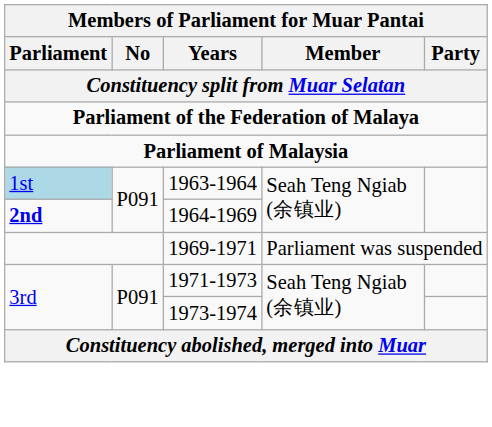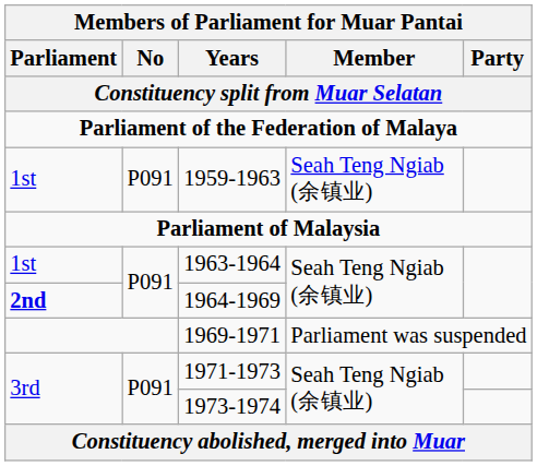 <table class=wikitable>
 <tr>
 <th colspan="5">Members of Parliament for Muar Pantai</th>
 </tr>
 <tr>
 <th>Parliament</th>
 <th>No</th>
 <th>Years</th>
 <th>Member</th>
 <th>Party</th>
 </tr>
 <tr>
 <th colspan="5" align="center"><em>Constituency split from <a href='#'>Muar Selatan</a></em></th>
 </tr>
 <tr>
 <td colspan="5" align="center"><strong>Parliament of the Federation of Malaya</strong></td>
 </tr>
 <tr>
+<td><a href='#'>1st</a></td>
+<td>P091</td>
+<td>1959-1963</td>
+<td><a href='#'>Seah Teng Ngiab</a>  <br>(余镇业)</td>
+<td></td>
+</tr>
+<tr>
 <td colspan="5" align="center"><strong>Parliament of Malaysia</strong></td>
 </tr>
 <tr>
-<td style="background: lightblue;"><a href='#'>1st</a></td>
+<td><a href='#'>1st</a></td>
 <td rowspan="2">P091</td>
 <td>1963-1964</td>
 <td rowspan=2>Seah Teng Ngiab  <br>(余镇业)</td>
 <td rowspan="2"></td>
 </tr>
 <tr>
 <td><strong><a href='#'>2nd</a></strong></td>
 <td>1964-1969</td>
 </tr>
 <tr>
 <td colspan="2"></td>
 <td>1969-1971</td>
 <td colspan=2 align=center>Parliament was suspended</td>
 </tr>
 <tr>
 <td rowspan=2><a href='#'>3rd</a></td>
 <td rowspan="2">P091</td>
 <td>1971-1973</td>
 <td rowspan=2>Seah Teng Ngiab <br> (余镇业)</td>
 <td></td>
 </tr>
 <tr>
 <td>1973-1974</td>
 <td></td>
 </tr>
 <tr>
 <th colspan="5" align="center"><em>Constituency abolished, merged into <a href='#'>Muar</a></em></th>
 </tr>
 </table>
